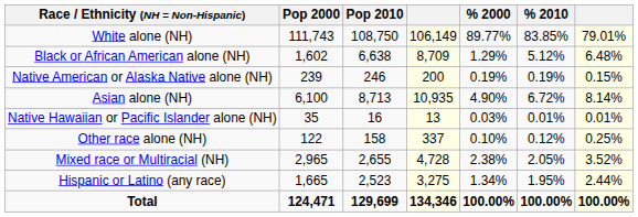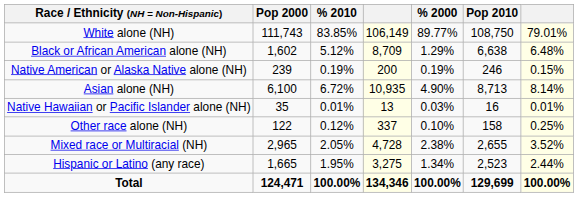 <table class="wikitable" style="text-align:center;">
 <tr>
 <th>Race / Ethnicity <small>(<em>NH = Non-Hispanic</em>)</small></th>
 <th>Pop 2000</th>
-<th>Pop 2010</th>
+<th>% 2010</th>
 <th></th>
 <th>% 2000</th>
-<th>% 2010</th>
+<th>Pop 2010</th>
 <th></th>
 </tr>
 <tr>
 <td><a href='#'>White</a> alone (NH)</td>
 <td>111,743</td>
-<td>108,750</td>
+<td>83.85%</td>
 <td style='background: #ffffe6;'>106,149</td>
 <td>89.77%</td>
-<td>83.85%</td>
+<td>108,750</td>
 <td style='background: #ffffe6;'>79.01%</td>
 </tr>
 <tr>
 <td><a href='#'>Black or African American</a> alone (NH)</td>
 <td>1,602</td>
-<td>6,638</td>
+<td>5.12%</td>
 <td style='background: #ffffe6;'>8,709</td>
 <td>1.29%</td>
-<td>5.12%</td>
+<td>6,638</td>
 <td style='background: #ffffe6;'>6.48%</td>
 </tr>
 <tr>
 <td><a href='#'>Native American</a> or <a href='#'>Alaska Native</a> alone (NH)</td>
 <td>239</td>
-<td>246</td>
+<td>0.19%</td>
 <td style='background: #ffffe6;'>200</td>
 <td>0.19%</td>
-<td>0.19%</td>
+<td>246</td>
 <td style='background: #ffffe6;'>0.15%</td>
 </tr>
 <tr>
 <td><a href='#'>Asian</a> alone (NH)</td>
 <td>6,100</td>
-<td>8,713</td>
+<td>6.72%</td>
 <td style='background: #ffffe6;'>10,935</td>
 <td>4.90%</td>
-<td>6.72%</td>
+<td>8,713</td>
 <td style='background: #ffffe6;'>8.14%</td>
 </tr>
 <tr>
 <td><a href='#'>Native Hawaiian</a> or <a href='#'>Pacific Islander</a> alone (NH)</td>
 <td>35</td>
-<td>16</td>
+<td>0.01%</td>
 <td style='background: #ffffe6;'>13</td>
 <td>0.03%</td>
-<td>0.01%</td>
+<td>16</td>
 <td style='background: #ffffe6;'>0.01%</td>
 </tr>
 <tr>
 <td><a href='#'>Other race</a> alone (NH)</td>
 <td>122</td>
-<td>158</td>
+<td>0.12%</td>
 <td style='background: #ffffe6;'>337</td>
 <td>0.10%</td>
-<td>0.12%</td>
+<td>158</td>
 <td style='background: #ffffe6;'>0.25%</td>
 </tr>
 <tr>
 <td><a href='#'>Mixed race or Multiracial</a> (NH)</td>
 <td>2,965</td>
-<td>2,655</td>
+<td>2.05%</td>
 <td style='background: #ffffe6;'>4,728</td>
 <td>2.38%</td>
-<td>2.05%</td>
+<td>2,655</td>
 <td style='background: #ffffe6;'>3.52%</td>
 </tr>
 <tr>
 <td><a href='#'>Hispanic or Latino</a> (any race)</td>
 <td>1,665</td>
-<td>2,523</td>
+<td>1.95%</td>
 <td style='background: #ffffe6;'>3,275</td>
 <td>1.34%</td>
-<td>1.95%</td>
+<td>2,523</td>
 <td style='background: #ffffe6;'>2.44%</td>
 </tr>
 <tr>
 <td><strong>Total</strong></td>
 <td><strong>124,471</strong></td>
-<td><strong>129,699</strong></td>
+<td><strong>100.00%</strong></td>
 <td style='background: #ffffe6;'><strong>134,346</strong></td>
 <td><strong>100.00%</strong></td>
-<td><strong>100.00%</strong></td>
+<td><strong>129,699</strong></td>
 <td style='background: #ffffe6;'><strong>100.00%</strong></td>
 </tr>
 </table>
